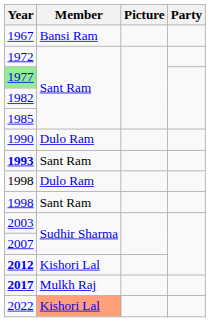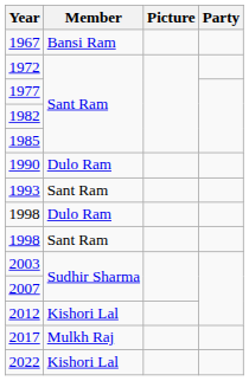 <table class="wikitable sortable">
 <tr>
 <th>Year</th>
 <th>Member</th>
 <th>Picture</th>
 <th colspan="2">Party</th>
 </tr>
 <tr>
 <td><a href='#'>1967</a></td>
 <td><a href='#'>Bansi Ram</a></td>
 <td></td>
 <td></td>
 </tr>
 <tr>
 <td><a href='#'>1972</a></td>
 <td rowspan=4><a href='#'>Sant Ram</a></td>
 <td rowspan=4></td>
 <td></td>
 </tr>
 <tr>
-<td style="background: lightgreen;"><a href='#'>1977</a></td>
+<td><a href='#'>1977</a></td>
 </tr>
 <tr>
 <td><a href='#'>1982</a></td>
 </tr>
 <tr>
 <td><a href='#'>1985</a></td>
 </tr>
 <tr>
 <td><a href='#'>1990</a></td>
 <td><a href='#'>Dulo Ram</a></td>
 <td></td>
 <td></td>
 </tr>
 <tr>
-<td><strong><a href='#'>1993</a></strong></td>
+<td><a href='#'>1993</a></td>
 <td>Sant Ram</td>
 <td></td>
 <td></td>
 </tr>
 <tr>
 <td>1998</td>
 <td><a href='#'>Dulo Ram</a></td>
 <td></td>
 <td></td>
 </tr>
 <tr>
 <td><a href='#'>1998</a></td>
 <td>Sant Ram</td>
 <td></td>
 <td></td>
 </tr>
 <tr>
 <td><a href='#'>2003</a></td>
 <td rowspan=2><a href='#'>Sudhir Sharma</a></td>
 <td rowspan=2></td>
 </tr>
 <tr>
 <td><a href='#'>2007</a></td>
 </tr>
 <tr>
-<td><strong><a href='#'>2012</a></strong></td>
+<td><a href='#'>2012</a></td>
 <td><a href='#'>Kishori Lal</a></td>
 <td></td>
 </tr>
 <tr>
-<td><strong><a href='#'>2017</a></strong></td>
+<td><a href='#'>2017</a></td>
 <td><a href='#'>Mulkh Raj</a></td>
 <td></td>
 <td></td>
 </tr>
 <tr>
 <td><a href='#'>2022</a></td>
-<td style="background: lightsalmon;"><a href='#'>Kishori Lal</a></td>
+<td><a href='#'>Kishori Lal</a></td>
 <td></td>
 <td></td>
 </tr>
 </table>
